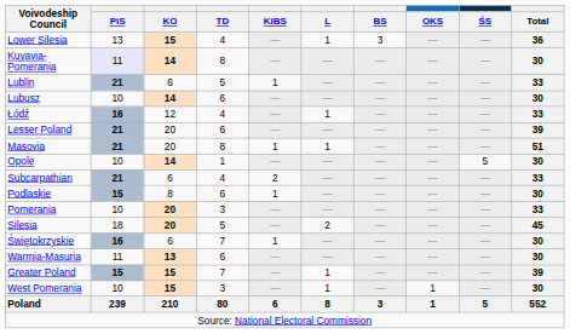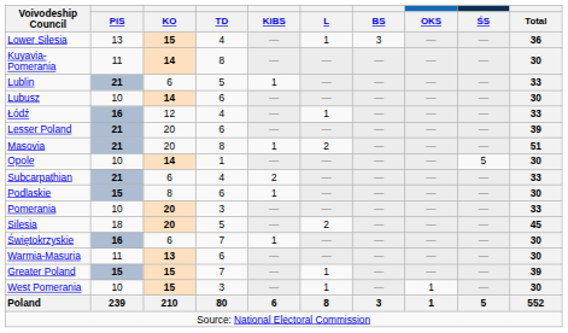 <table class="wikitable sortable" style="text-align:center; font-size:85%;">
 <tr text-align:center;>
 <th style="width:110px;" rowspan="2">Voivodeship<br>Council</th>
 <th style="background: "></th>
 <th style="background: "></th>
 <th style="background: "></th>
 <th style="background: "></th>
 <th style="background: "></th>
 <th style="background: "></th>
 <th style="background: #126AB4;"></th>
 <th style="background: #0C2E51;"></th>
 <th style="background: ;"></th>
 </tr>
 <tr text-align:center;>
 <th style="font-size:95%; width:65px;"><a href='#'>PiS</a></th>
 <th style="font-size:95%; width:65px;"><a href='#'>KO</a></th>
 <th style="font-size:95%; width:65px;"><a href='#'>TD</a></th>
 <th style="font-size:95%; width:65px;"><a href='#'>KiBS</a></th>
 <th style="font-size:95%; width:65px;"><a href='#'>L</a></th>
 <th style="font-size:95%; width:65px;"><a href='#'>BS</a></th>
 <th style="font-size:95%; width:65px;"><a href='#'>OKS</a></th>
 <th style="font-size:95%; width:65px;"><a href='#'>ŚS</a></th>
 <th style="font-size:95%; width:65px;">Total</th>
 </tr>
 <tr>
 <td style="text-align: left;"><a href='#'>Lower Silesia</a></td>
 <td>13</td>
 <td style="background: #fee0c0;"><strong>15</strong></td>
 <td>4</td>
 <td style="background: #ececec; color:gray;">—</td>
 <td>1</td>
 <td>3</td>
 <td style="background: #ececec; color:gray;">—</td>
 <td style="background: #ececec; color:gray;">—</td>
 <th>36</th>
 </tr>
 <tr>
 <td style="text-align: left;"><a href='#'>Kuyavia-Pomerania</a></td>
-<td style="background: lavender;">11</td>
+<td>11</td>
 <td style="background: #fee0c0;"><strong>14</strong></td>
 <td>8</td>
 <td style="background: #ececec; color:gray;">—</td>
 <td style="background: #ececec; color:gray;">—</td>
 <td style="background: #ececec; color:gray;">—</td>
 <td style="background: #ececec; color:gray;">—</td>
 <td style="background: #ececec; color:gray;">—</td>
 <th>30</th>
 </tr>
 <tr>
 <td style="text-align: left;"><a href='#'>Lublin</a></td>
 <td style="background: #acbdd1;"><strong>21</strong></td>
 <td>6</td>
 <td>5</td>
 <td>1</td>
 <td style="background: #ececec; color:gray;">—</td>
 <td style="background: #ececec; color:gray;">—</td>
 <td style="background: #ececec; color:gray;">—</td>
 <td style="background: #ececec; color:gray;">—</td>
 <th>33</th>
 </tr>
 <tr>
 <td style="text-align: left;"><a href='#'>Lubusz</a></td>
 <td>10</td>
 <td style="background: #fee0c0;"><strong>14</strong></td>
 <td>6</td>
 <td style="background: #ececec; color:gray;">—</td>
 <td style="background: #ececec; color:gray;">—</td>
 <td style="background: #ececec; color:gray;">—</td>
 <td style="background: #ececec; color:gray;">—</td>
 <td style="background: #ececec; color:gray;">—</td>
 <th>30</th>
 </tr>
 <tr>
 <td style="text-align: left;"><a href='#'>Łódź</a></td>
 <td style="background: #acbdd1;"><strong>16</strong></td>
 <td>12</td>
 <td>4</td>
 <td style="background: #ececec; color:gray;">—</td>
 <td>1</td>
 <td style="background: #ececec; color:gray;">—</td>
 <td style="background: #ececec; color:gray;">—</td>
 <td style="background: #ececec; color:gray;">—</td>
 <th>33</th>
 </tr>
 <tr>
 <td style="text-align: left;"><a href='#'>Lesser Poland</a></td>
 <td style="background: #acbdd1;"><strong>21</strong></td>
 <td>20</td>
 <td>6</td>
 <td style="background: #ececec; color:gray;">—</td>
 <td style="background: #ececec; color:gray;">—</td>
 <td style="background: #ececec; color:gray;">—</td>
 <td style="background: #ececec; color:gray;">—</td>
 <td style="background: #ececec; color:gray;">—</td>
 <th>39</th>
 </tr>
 <tr>
 <td style="text-align: left;"><a href='#'>Masovia</a></td>
 <td style="background: #acbdd1;"><strong>21</strong></td>
 <td>20</td>
 <td>8</td>
 <td>1</td>
-<td>1</td>
+<td>2</td>
 <td style="background: #ececec; color:gray;">—</td>
 <td style="background: #ececec; color:gray;">—</td>
 <td style="background: #ececec; color:gray;">—</td>
 <th>51</th>
 </tr>
 <tr>
 <td style="text-align: left;"><a href='#'>Opole</a></td>
 <td>10</td>
 <td style="background: #fee0c0;"><strong>14</strong></td>
 <td>1</td>
 <td style="background: #ececec; color:gray;">—</td>
 <td style="background: #ececec; color:gray;">—</td>
 <td style="background: #ececec; color:gray;">—</td>
 <td style="background: #ececec; color:gray;">—</td>
 <td>5</td>
 <th>30</th>
 </tr>
 <tr>
 <td style="text-align: left;"><a href='#'>Subcarpathian</a></td>
 <td style="background: #acbdd1;"><strong>21</strong></td>
 <td>6</td>
 <td>4</td>
 <td>2</td>
 <td style="background: #ececec; color:gray;">—</td>
 <td style="background: #ececec; color:gray;">—</td>
 <td style="background: #ececec; color:gray;">—</td>
 <td style="background: #ececec; color:gray;">—</td>
 <th>33</th>
 </tr>
 <tr>
 <td style="text-align: left;"><a href='#'>Podlaskie</a></td>
 <td style="background: #acbdd1;"><strong>15</strong></td>
 <td>8</td>
 <td>6</td>
 <td>1</td>
 <td style="background: #ececec; color:gray;">—</td>
 <td style="background: #ececec; color:gray;">—</td>
 <td style="background: #ececec; color:gray;">—</td>
 <td style="background: #ececec; color:gray;">—</td>
 <th>30</th>
 </tr>
 <tr>
 <td style="text-align: left;"><a href='#'>Pomerania</a></td>
 <td>10</td>
 <td style="background: #fee0c0;"><strong>20</strong></td>
 <td>3</td>
 <td style="background: #ececec; color:gray;">—</td>
 <td style="background: #ececec; color:gray;">—</td>
 <td style="background: #ececec; color:gray;">—</td>
 <td style="background: #ececec; color:gray;">—</td>
 <td style="background: #ececec; color:gray;">—</td>
 <th>33</th>
 </tr>
 <tr>
 <td style="text-align: left;"><a href='#'>Silesia</a></td>
 <td>18</td>
 <td style="background: #fee0c0;"><strong>20</strong></td>
 <td>5</td>
 <td style="background: #ececec; color:gray;">—</td>
 <td>2</td>
 <td style="background: #ececec; color:gray;">—</td>
 <td style="background: #ececec; color:gray;">—</td>
 <td style="background: #ececec; color:gray;">—</td>
 <th>45</th>
 </tr>
 <tr>
 <td style="text-align: left;"><a href='#'>Świętokrzyskie</a></td>
 <td style="background: #acbdd1;"><strong>16</strong></td>
 <td>6</td>
 <td>7</td>
 <td>1</td>
 <td style="background: #ececec; color:gray;">—</td>
 <td style="background: #ececec; color:gray;">—</td>
 <td style="background: #ececec; color:gray;">—</td>
 <td style="background: #ececec; color:gray;">—</td>
 <th>30</th>
 </tr>
 <tr>
 <td style="text-align: left;"><a href='#'>Warmia-Masuria</a></td>
 <td>11</td>
 <td style="background: #fee0c0;"><strong>13</strong></td>
 <td>6</td>
 <td style="background: #ececec; color:gray;">—</td>
 <td style="background: #ececec; color:gray;">—</td>
 <td style="background: #ececec; color:gray;">—</td>
 <td style="background: #ececec; color:gray;">—</td>
 <td style="background: #ececec; color:gray;">—</td>
 <th>30</th>
 </tr>
 <tr>
 <td style="text-align: left;"><a href='#'>Greater Poland</a></td>
 <td style="background: #acbdd1;"><strong>15</strong></td>
 <td style="background: #fee0c0;"><strong>15</strong></td>
 <td>7</td>
 <td style="background: #ececec; color:gray;">—</td>
 <td>1</td>
 <td style="background: #ececec; color:gray;">—</td>
 <td style="background: #ececec; color:gray;">—</td>
 <td style="background: #ececec; color:gray;">—</td>
 <th>39</th>
 </tr>
 <tr>
 <td style="text-align: left;"><a href='#'>West Pomerania</a></td>
 <td>10</td>
 <td style="background: #fee0c0;"><strong>15</strong></td>
 <td>3</td>
 <td style="background: #ececec; color:gray;">—</td>
 <td>1</td>
 <td style="background: #ececec; color:gray;">—</td>
 <td>1</td>
 <td style="background: #ececec; color:gray;">—</td>
 <th>30</th>
 </tr>
 <tr>
 <th style="text-align: left;">Poland</th>
 <th>239</th>
 <th>210</th>
 <th>80</th>
 <th>6</th>
 <th>8</th>
 <th>3</th>
 <th>1</th>
 <th>5</th>
 <th>552</th>
 </tr>
 <tr>
 <td colspan="10" align="center">Source: <a href='#'>National Electoral Commission</a></td>
 </tr>
 </table>
